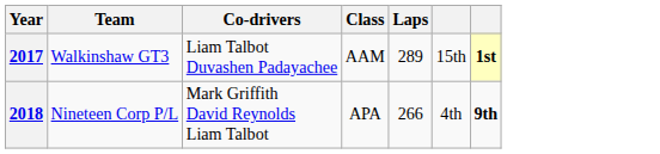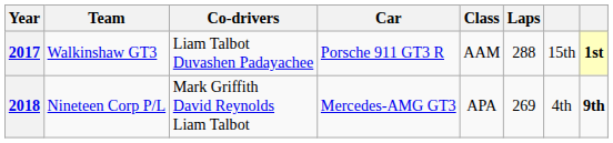 <table class="wikitable" style="text-align:center; font-size:90%">
 <tr>
 <th>Year</th>
 <th>Team</th>
 <th>Co-drivers</th>
+<th>Car</th>
 <th>Class</th>
 <th>Laps</th>
 <th></th>
 <th></th>
 </tr>
 <tr align="center">
 <th><a href='#'>2017</a></th>
 <td align="left" nowrap> <a href='#'>Walkinshaw GT3</a></td>
 <td align="left" nowrap> Liam Talbot<br> <a href='#'>Duvashen Padayachee</a></td>
+<td align="left" nowrap><a href='#'>Porsche 911 GT3 R</a></td>
 <td>AAM</td>
-<td>289</td>
+<td>288</td>
 <td>15th</td>
 <td style="background:#FFFFBF"><strong>1st</strong></td>
 </tr>
 <tr align="center">
 <th><a href='#'>2018</a></th>
 <td align="left" nowrap> <a href='#'>Nineteen Corp P/L</a></td>
 <td align="left" nowrap> Mark Griffith<br> <a href='#'>David Reynolds</a><br> Liam Talbot</td>
+<td align="left" nowrap><a href='#'>Mercedes-AMG GT3</a></td>
 <td>APA</td>
-<td>266</td>
+<td>269</td>
 <td>4th</td>
 <td><strong>9th</strong></td>
 </tr>
 </table>
